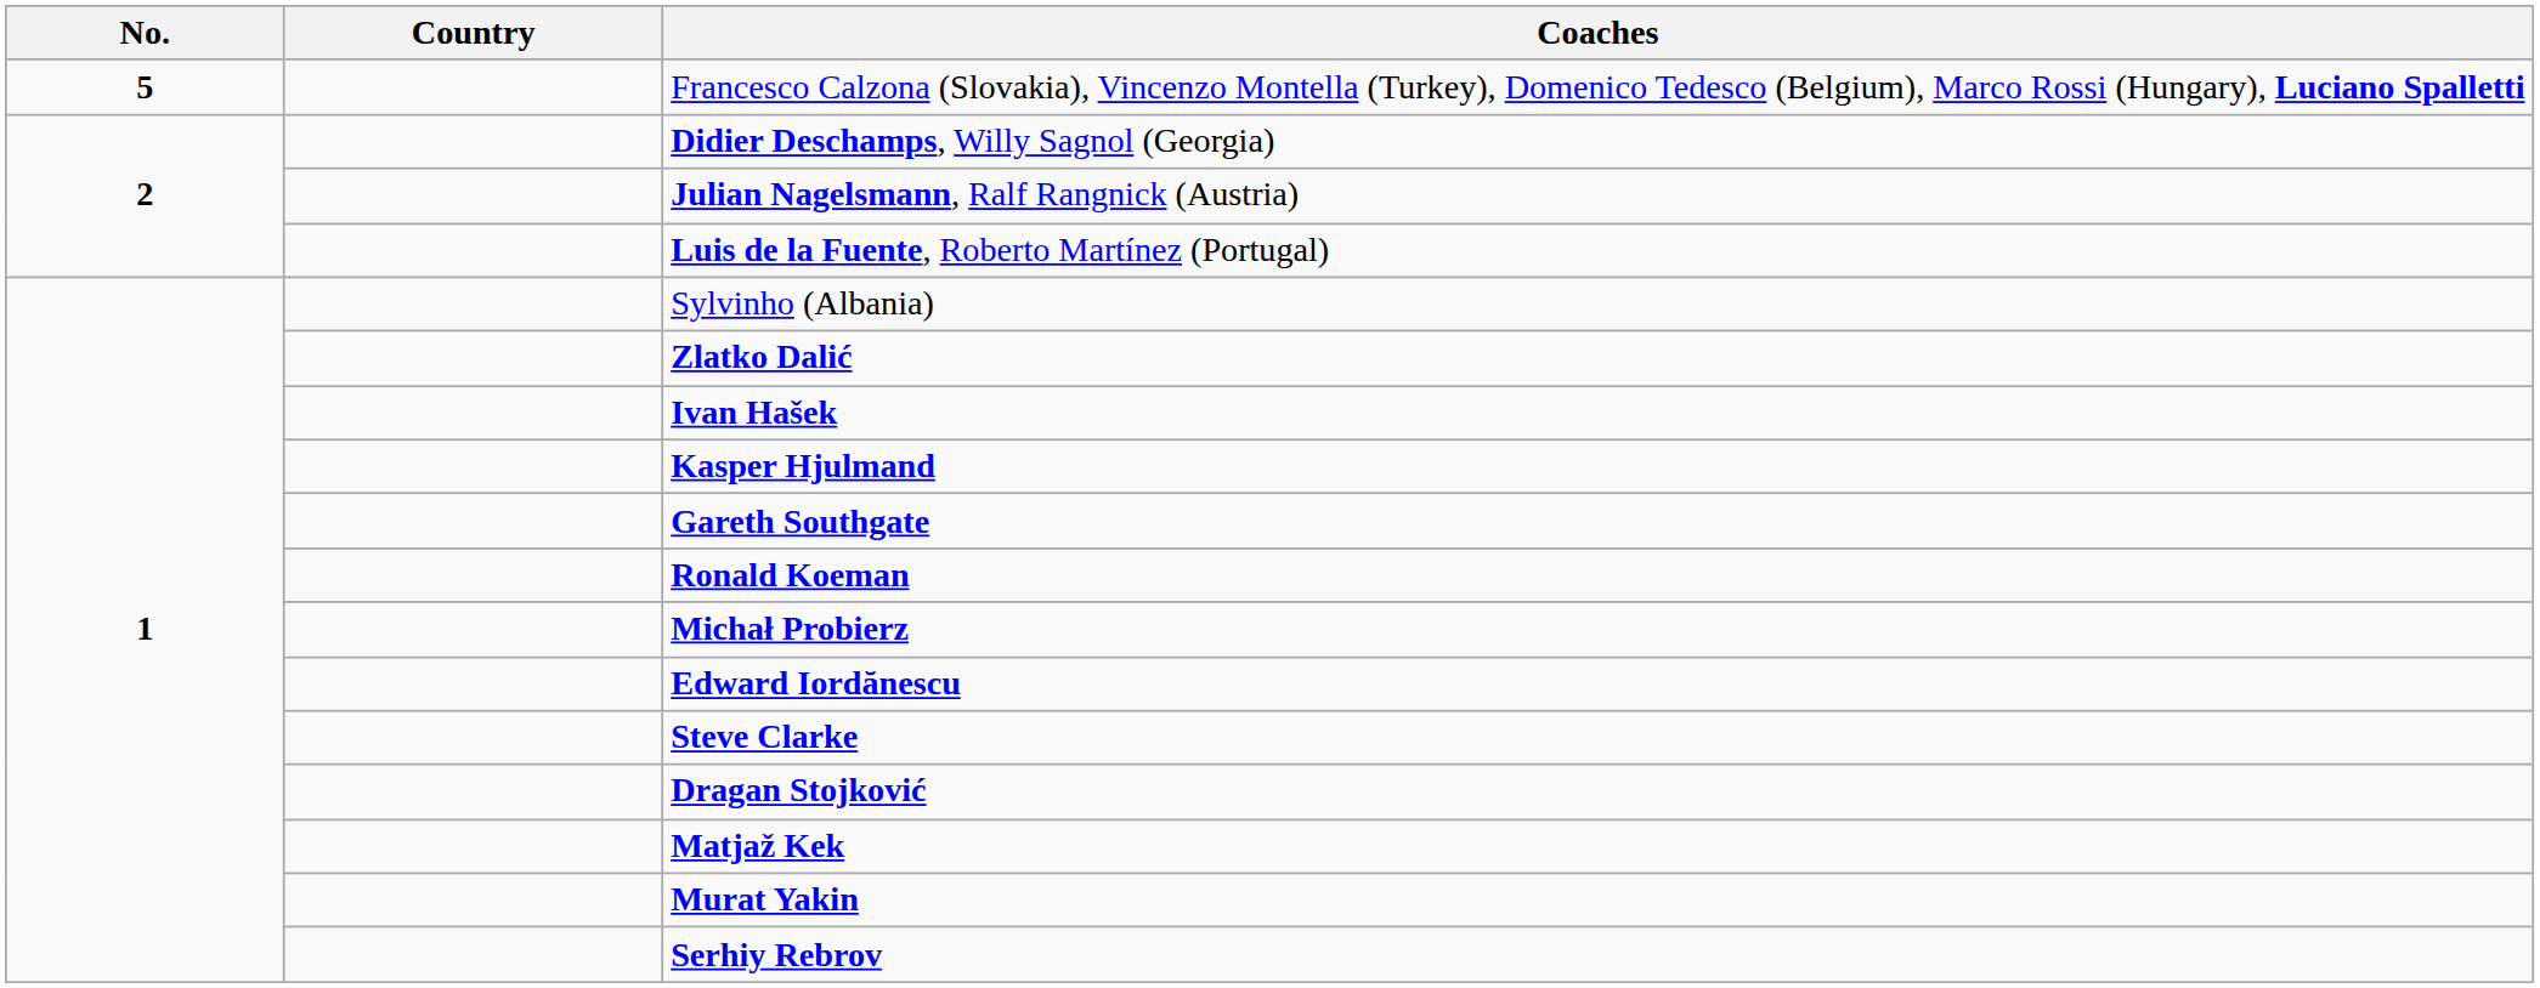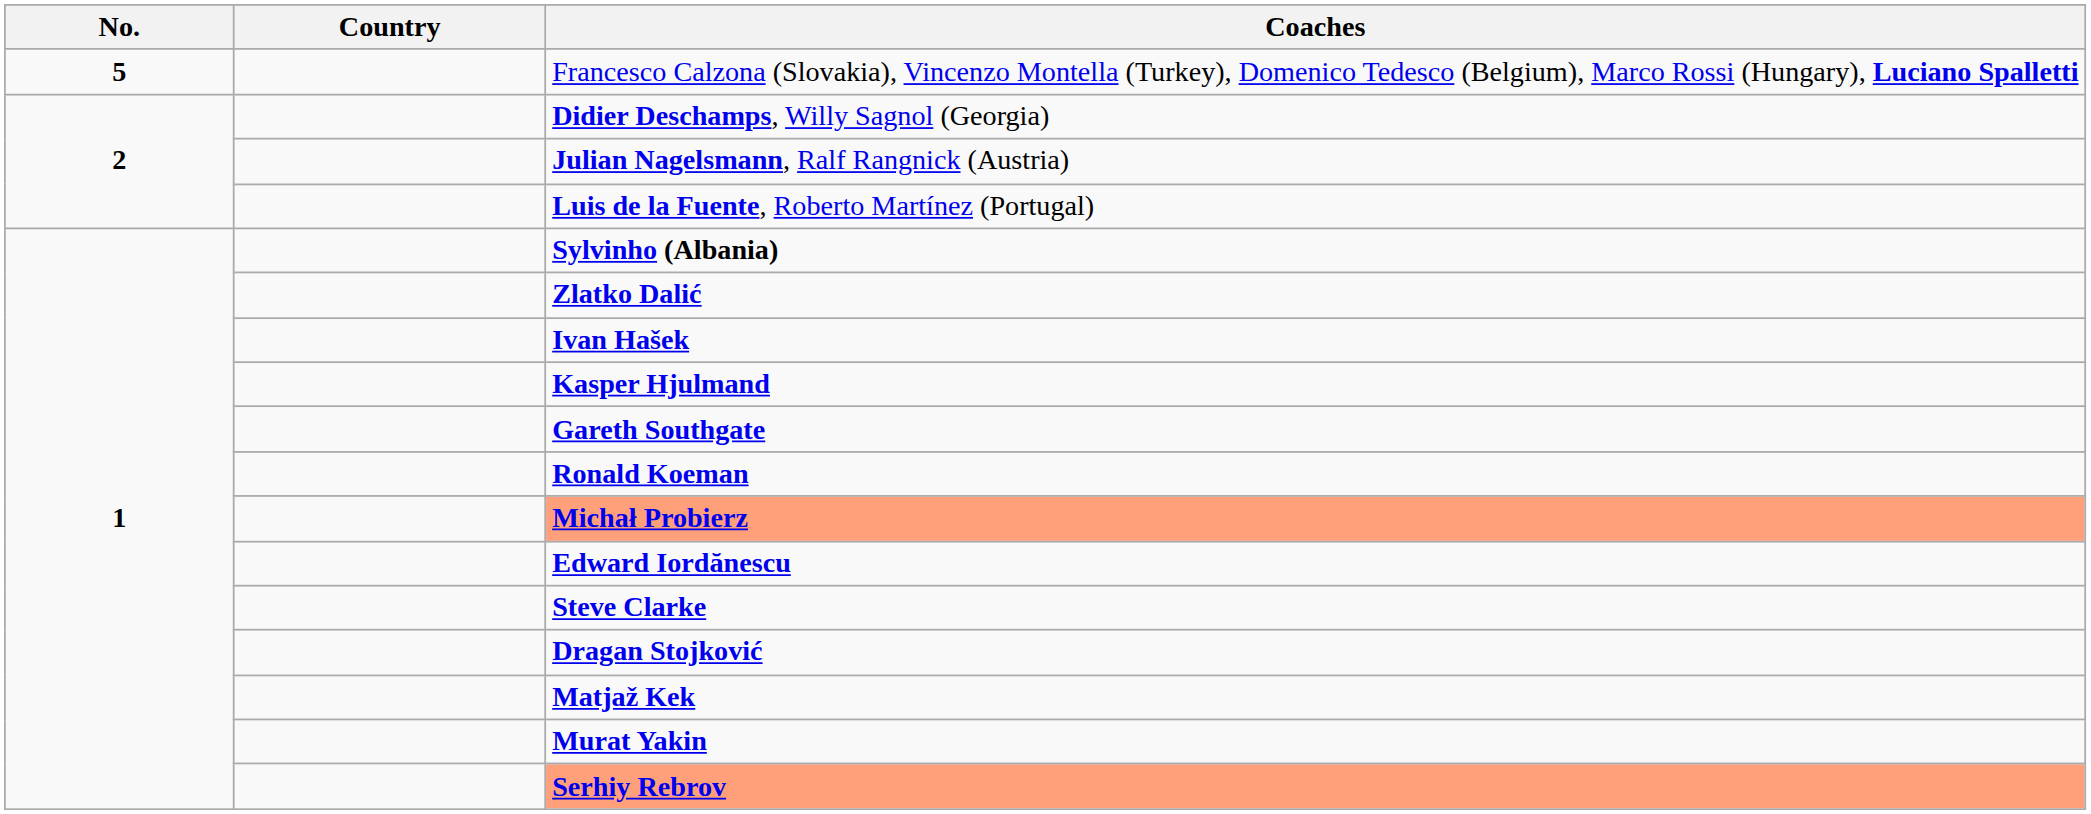 <table class="wikitable sortable">
 <tr>
 <th width="11%">No.</th>
 <th width="15%">Country</th>
 <th>Coaches</th>
 </tr>
 <tr>
 <td align="center"><strong>5</strong></td>
 <td></td>
 <td><a href='#'>Francesco Calzona</a> (Slovakia), <a href='#'>Vincenzo Montella</a> (Turkey), <a href='#'>Domenico Tedesco</a> (Belgium), <a href='#'>Marco Rossi</a> (Hungary), <strong><a href='#'>Luciano Spalletti</a></strong></td>
 </tr>
 <tr>
 <td rowspan="3" align="center"><strong>2</strong></td>
 <td></td>
 <td><strong><a href='#'>Didier Deschamps</a></strong>, <a href='#'>Willy Sagnol</a> (Georgia)</td>
 </tr>
 <tr>
 <td></td>
 <td><strong><a href='#'>Julian Nagelsmann</a></strong>, <a href='#'>Ralf Rangnick</a> (Austria)</td>
 </tr>
 <tr>
 <td></td>
 <td><strong><a href='#'>Luis de la Fuente</a></strong>, <a href='#'>Roberto Martínez</a> (Portugal)</td>
 </tr>
 <tr>
 <td rowspan="13" align="center"><strong>1</strong></td>
 <td></td>
-<td><a href='#'>Sylvinho</a> (Albania)</td>
+<td><strong><a href='#'>Sylvinho</a> (Albania)</strong></td>
 </tr>
 <tr>
 <td></td>
 <td><strong><a href='#'>Zlatko Dalić</a></strong></td>
 </tr>
 <tr>
 <td></td>
 <td><strong><a href='#'>Ivan Hašek</a></strong></td>
 </tr>
 <tr>
 <td></td>
 <td><strong><a href='#'>Kasper Hjulmand</a></strong></td>
 </tr>
 <tr>
 <td></td>
 <td><strong><a href='#'>Gareth Southgate</a></strong></td>
 </tr>
 <tr>
 <td></td>
 <td><strong><a href='#'>Ronald Koeman</a></strong></td>
 </tr>
 <tr>
 <td></td>
-<td><strong><a href='#'>Michał Probierz</a></strong></td>
+<td style="background: lightsalmon;"><strong><a href='#'>Michał Probierz</a></strong></td>
 </tr>
 <tr>
 <td></td>
 <td><strong><a href='#'>Edward Iordănescu</a></strong></td>
 </tr>
 <tr>
 <td></td>
 <td><strong><a href='#'>Steve Clarke</a></strong></td>
 </tr>
 <tr>
 <td></td>
 <td><strong><a href='#'>Dragan Stojković</a></strong></td>
 </tr>
 <tr>
 <td></td>
 <td><strong><a href='#'>Matjaž Kek</a></strong></td>
 </tr>
 <tr>
 <td></td>
 <td><strong><a href='#'>Murat Yakin</a></strong></td>
 </tr>
 <tr>
 <td></td>
-<td><strong><a href='#'>Serhiy Rebrov</a></strong></td>
+<td style="background: lightsalmon;"><strong><a href='#'>Serhiy Rebrov</a></strong></td>
 </tr>
 </table>
